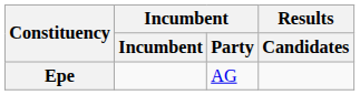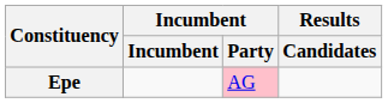 <table class="wikitable sortable">
 <tr>
 <th rowspan="2">Constituency</th>
 <th colspan="2">Incumbent</th>
 <th>Results</th>
 </tr>
 <tr valign="bottom">
 <th>Incumbent</th>
 <th>Party</th>
 <th>Candidates</th>
 </tr>
 <tr>
 <th>Epe</th>
 <td></td>
-<td><a href='#'>AG</a></td>
+<td style="background: pink;"><a href='#'>AG</a></td>
 <td nowrap=""></td>
 </tr>
 </table>
